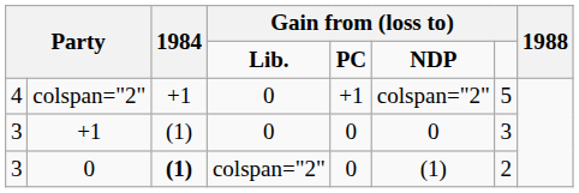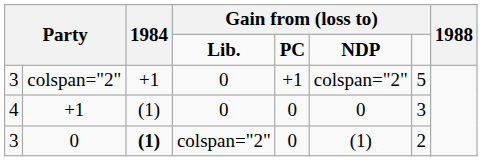 <table class="wikitable" style="text-align:center" align="center">
 <tr>
 <th rowspan="2" colspan="2">Party</th>
 <th rowspan="2">1984</th>
 <th colspan="6">Gain from (loss to)</th>
 <th rowspan="2">1988</th>
 </tr>
 <tr>
 <td><strong>Lib.</strong></td>
 <td><strong>PC</strong></td>
 <td><strong>NDP</strong></td>
 </tr>
 <tr>
-<td>4</td>
+<td>3</td>
 <td>colspan="2" </td>
 <td>+1</td>
 <td>0</td>
 <td>+1</td>
 <td>colspan="2" </td>
 <td>5</td>
 </tr>
 <tr>
-<td>3</td>
+<td>4</td>
 <td>+1</td>
 <td>(1)</td>
 <td>0</td>
 <td>0</td>
 <td>0</td>
 <td>3</td>
 </tr>
 <tr>
 <td>3</td>
 <td>0</td>
 <td><strong>(1)</strong></td>
 <td>colspan="2" </td>
 <td>0</td>
 <td>(1)</td>
 <td>2</td>
 </tr>
 </table>
